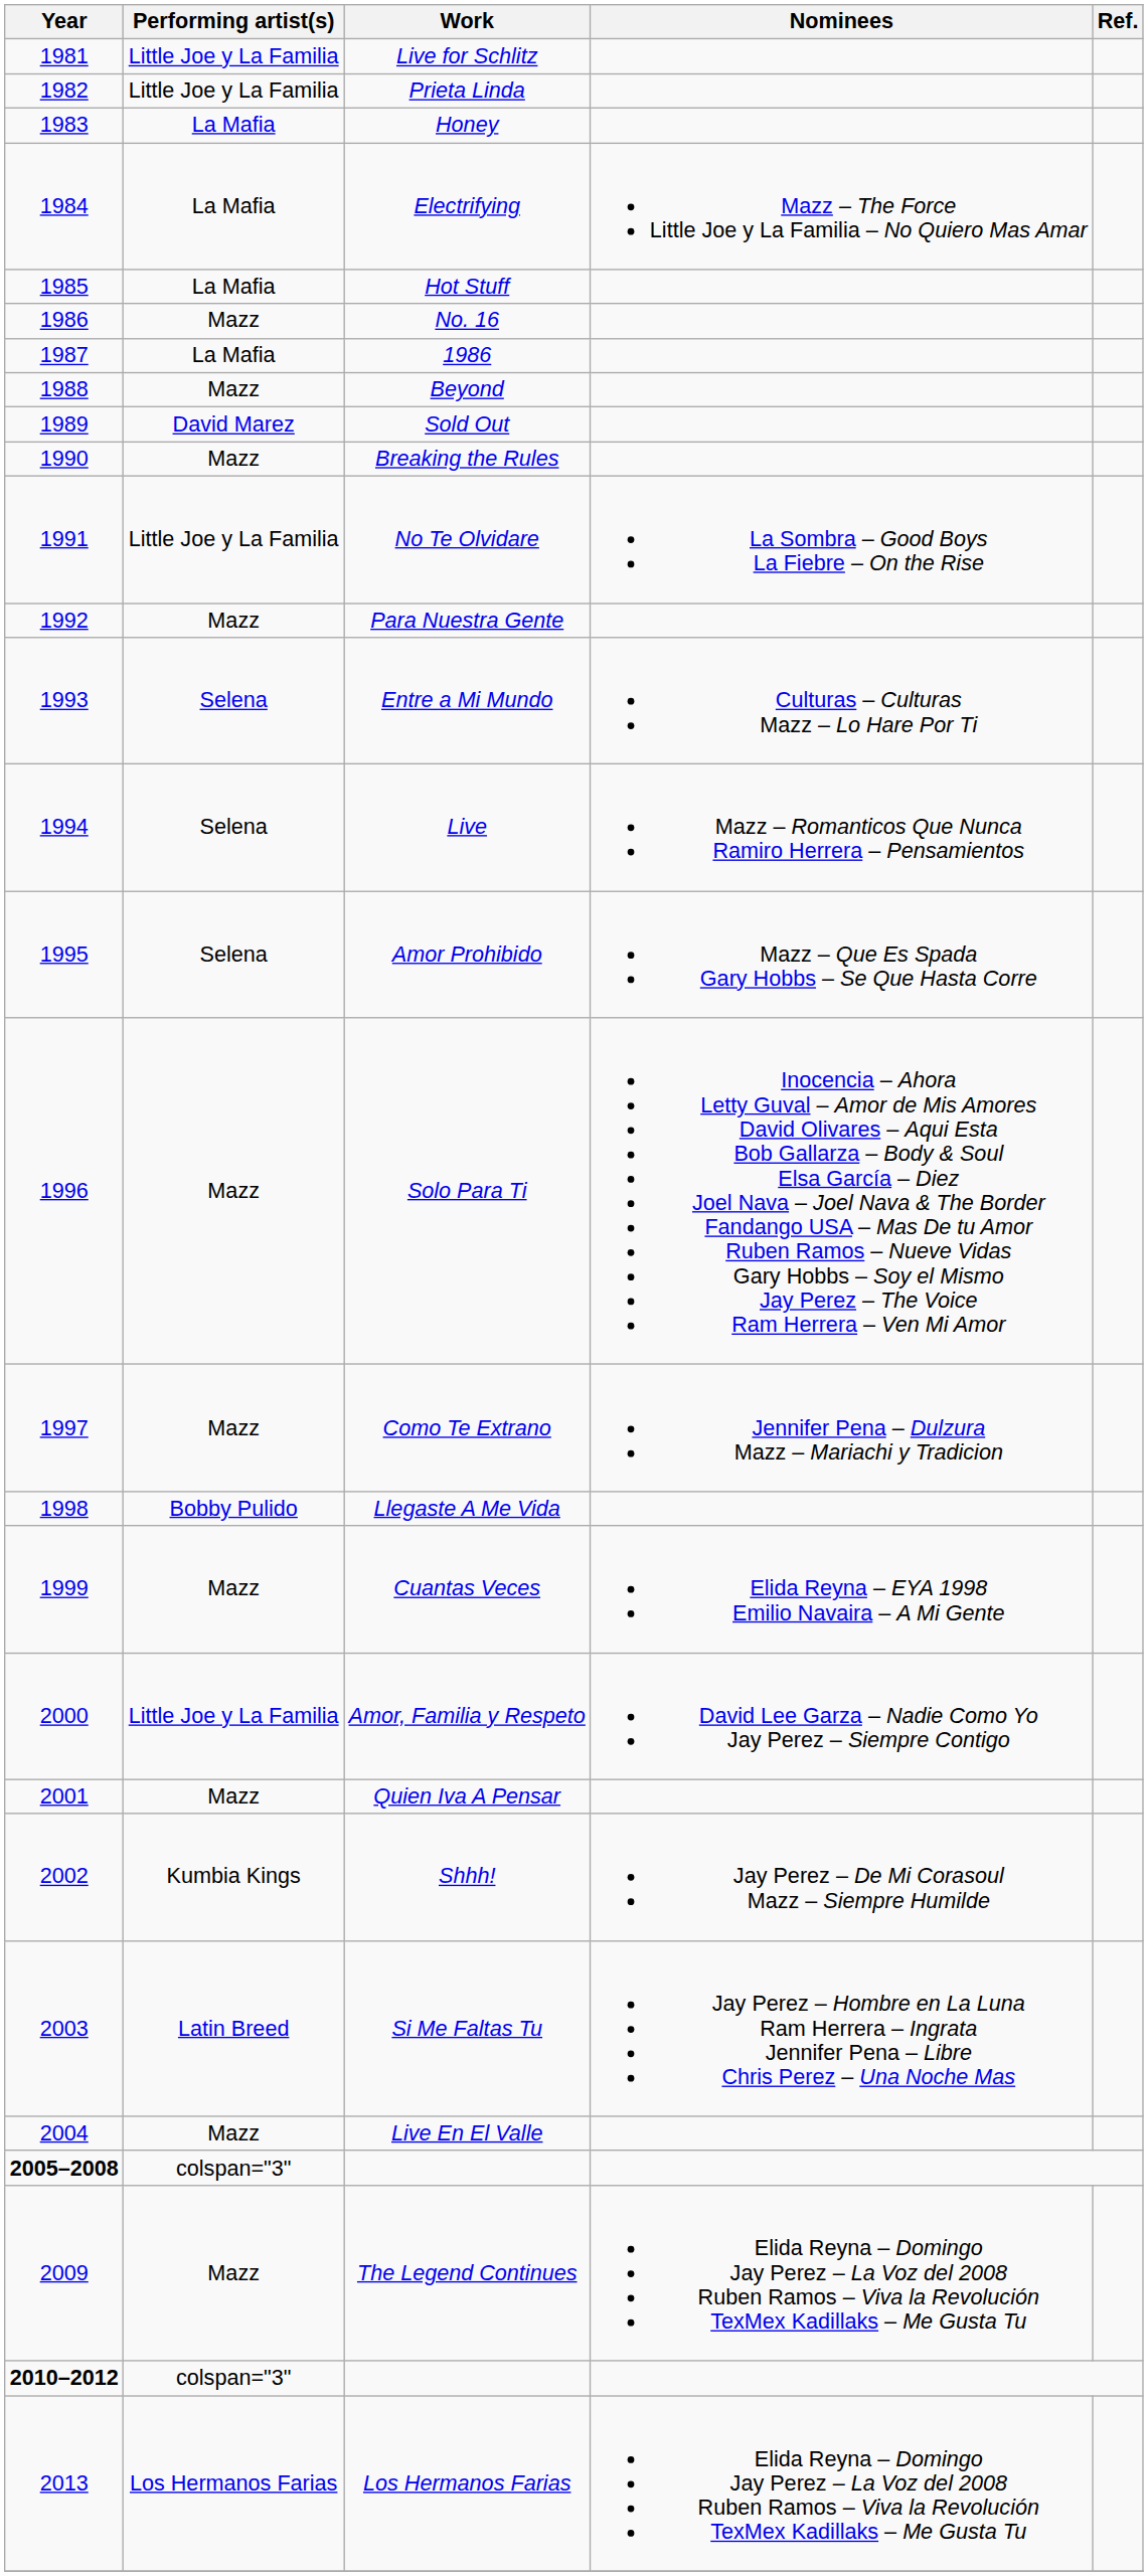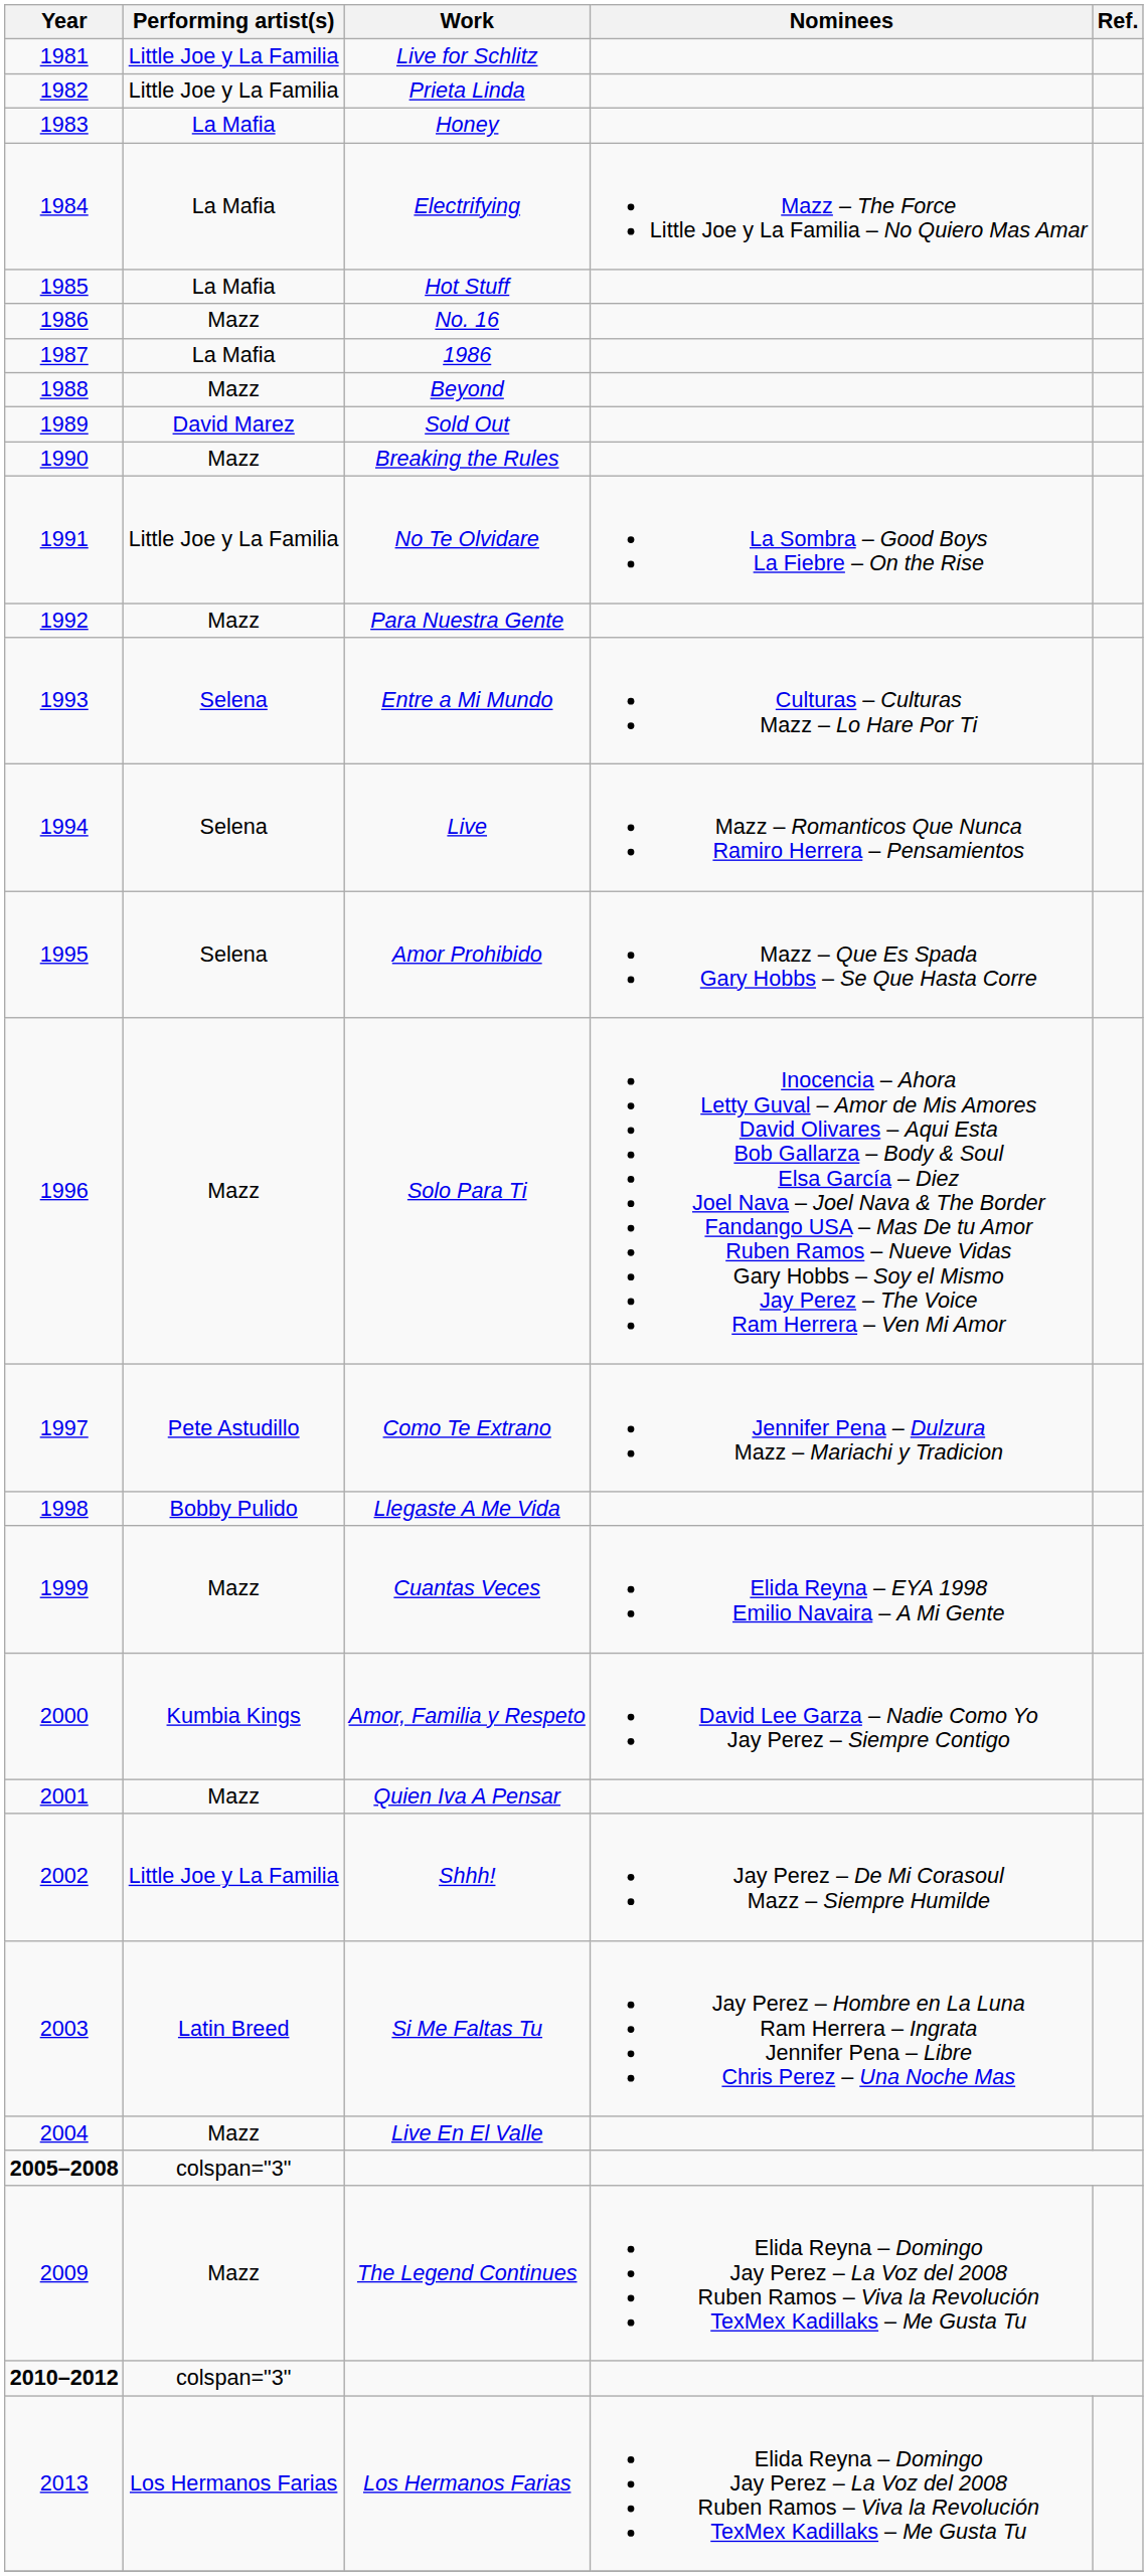 <table class="wikitable sortable" style="text-align: center;">
 <tr>
 <th bgcolor="#efefef">Year</th>
 <th bgcolor="#efefef">Performing artist(s)</th>
 <th bgcolor="#efefef">Work</th>
 <th bgcolor="#efefef" class=unsortable>Nominees</th>
 <th bgcolor="#efefef" class=unsortable>Ref.</th>
 </tr>
 <tr>
 <td><a href='#'>1981</a></td>
 <td><a href='#'>Little Joe y La Familia</a></td>
 <td><em><a href='#'>Live for Schlitz</a></em></td>
 <td></td>
 <td></td>
 </tr>
 <tr>
 <td><a href='#'>1982</a></td>
 <td>Little Joe y La Familia</td>
 <td><em><a href='#'>Prieta Linda</a></em></td>
 <td></td>
 <td></td>
 </tr>
 <tr>
 <td><a href='#'>1983</a></td>
 <td><a href='#'>La Mafia</a></td>
 <td><em><a href='#'>Honey</a></em></td>
 <td></td>
 <td></td>
 </tr>
 <tr>
 <td><a href='#'>1984</a></td>
 <td>La Mafia</td>
 <td><em><a href='#'>Electrifying</a></em></td>
 <td><div><br><ul><li><a href='#'>Mazz</a> – <em>The Force</em></li><li>Little Joe y La Familia – <em>No Quiero Mas Amar</em></li></ul></div></td>
 <td></td>
 </tr>
 <tr>
 <td><a href='#'>1985</a></td>
 <td>La Mafia</td>
 <td><em><a href='#'>Hot Stuff</a></em></td>
 <td></td>
 <td></td>
 </tr>
 <tr>
 <td><a href='#'>1986</a></td>
 <td>Mazz</td>
 <td><em><a href='#'>No. 16</a></em></td>
 <td></td>
 <td></td>
 </tr>
 <tr>
 <td><a href='#'>1987</a></td>
 <td>La Mafia</td>
 <td><em><a href='#'>1986</a></em></td>
 <td></td>
 <td></td>
 </tr>
 <tr>
 <td><a href='#'>1988</a></td>
 <td>Mazz</td>
 <td><em><a href='#'>Beyond</a></em></td>
 <td></td>
 <td></td>
 </tr>
 <tr>
 <td><a href='#'>1989</a></td>
 <td><a href='#'>David Marez</a></td>
 <td><em><a href='#'>Sold Out</a></em></td>
 <td></td>
 <td></td>
 </tr>
 <tr>
 <td><a href='#'>1990</a></td>
 <td>Mazz</td>
 <td><em><a href='#'>Breaking the Rules</a></em></td>
 <td></td>
 <td></td>
 </tr>
 <tr>
 <td><a href='#'>1991</a></td>
 <td>Little Joe y La Familia</td>
 <td><em><a href='#'>No Te Olvidare</a></em></td>
 <td><div><br><ul><li><a href='#'>La Sombra</a> – <em>Good Boys</em></li><li><a href='#'>La Fiebre</a> – <em>On the Rise</em></li></ul></div></td>
 <td></td>
 </tr>
 <tr>
 <td><a href='#'>1992</a></td>
 <td>Mazz</td>
 <td><em><a href='#'>Para Nuestra Gente</a></em></td>
 <td></td>
 <td></td>
 </tr>
 <tr>
 <td><a href='#'>1993</a></td>
 <td><a href='#'>Selena</a></td>
 <td><em><a href='#'>Entre a Mi Mundo</a></em></td>
 <td><div><br><ul><li><a href='#'>Culturas</a> – <em>Culturas</em></li><li>Mazz – <em>Lo Hare Por Ti</em></li></ul></div></td>
 <td></td>
 </tr>
 <tr>
 <td><a href='#'>1994</a></td>
 <td>Selena</td>
 <td><em><a href='#'>Live</a></em></td>
 <td><div><br><ul><li>Mazz – <em>Romanticos Que Nunca</em></li><li><a href='#'>Ramiro Herrera</a> – <em>Pensamientos</em></li></ul></div></td>
 <td></td>
 </tr>
 <tr>
 <td><a href='#'>1995</a></td>
 <td>Selena</td>
 <td><em><a href='#'>Amor Prohibido</a></em></td>
 <td><div><br><ul><li>Mazz – <em>Que Es Spada</em></li><li><a href='#'>Gary Hobbs</a> – <em>Se Que Hasta Corre</em></li></ul></div></td>
 <td></td>
 </tr>
 <tr>
 <td><a href='#'>1996</a></td>
 <td>Mazz</td>
 <td><em><a href='#'>Solo Para Ti</a></em></td>
 <td><div><br><ul><li><a href='#'>Inocencia</a> – <em>Ahora</em></li><li><a href='#'>Letty Guval</a> – <em>Amor de Mis Amores</em></li><li><a href='#'>David Olivares</a> – <em>Aqui Esta</em></li><li><a href='#'>Bob Gallarza</a> – <em>Body & Soul</em></li><li><a href='#'>Elsa García</a> – <em>Diez</em></li><li><a href='#'>Joel Nava</a> – <em>Joel Nava & The Border</em></li><li><a href='#'>Fandango USA</a> – <em>Mas De tu Amor</em></li><li><a href='#'>Ruben Ramos</a> – <em>Nueve Vidas</em></li><li>Gary Hobbs – <em>Soy el Mismo</em></li><li><a href='#'>Jay Perez</a> – <em>The Voice</em></li><li><a href='#'>Ram Herrera</a> – <em>Ven Mi Amor</em></li></ul></div></td>
 <td></td>
 </tr>
 <tr>
 <td><a href='#'>1997</a></td>
-<td>Mazz</td>
+<td><a href='#'>Pete Astudillo</a></td>
 <td><em><a href='#'>Como Te Extrano</a></em></td>
 <td><div><br><ul><li><a href='#'>Jennifer Pena</a> – <em><a href='#'>Dulzura</a></em></li><li>Mazz – <em>Mariachi y Tradicion</em></li></ul></div></td>
 <td></td>
 </tr>
 <tr>
 <td><a href='#'>1998</a></td>
 <td><a href='#'>Bobby Pulido</a></td>
 <td><em><a href='#'>Llegaste A Me Vida</a></em></td>
 <td></td>
 <td></td>
 </tr>
 <tr>
 <td><a href='#'>1999</a></td>
 <td>Mazz</td>
 <td><em><a href='#'>Cuantas Veces</a></em></td>
 <td><div><br><ul><li><a href='#'>Elida Reyna</a> – <em>EYA 1998</em></li><li><a href='#'>Emilio Navaira</a> – <em>A Mi Gente</em></li></ul></div></td>
 <td></td>
 </tr>
 <tr>
 <td><a href='#'>2000</a></td>
-<td><a href='#'>Little Joe y La Familia</a></td>
+<td><a href='#'>Kumbia Kings</a></td>
 <td><em><a href='#'>Amor, Familia y Respeto</a></em></td>
 <td><div><br><ul><li><a href='#'>David Lee Garza</a> – <em>Nadie Como Yo</em></li><li>Jay Perez – <em>Siempre Contigo</em></li></ul></div></td>
 <td></td>
 </tr>
 <tr>
 <td><a href='#'>2001</a></td>
 <td>Mazz</td>
 <td><em><a href='#'>Quien Iva A Pensar</a></em></td>
 <td></td>
 <td></td>
 </tr>
 <tr>
 <td><a href='#'>2002</a></td>
-<td>Kumbia Kings</td>
+<td><a href='#'>Little Joe y La Familia</a></td>
 <td><em><a href='#'>Shhh!</a></em></td>
 <td><div><br><ul><li>Jay Perez – <em>De Mi Corasoul</em></li><li>Mazz – <em>Siempre Humilde</em></li></ul></div></td>
 <td></td>
 </tr>
 <tr>
 <td><a href='#'>2003</a></td>
 <td><a href='#'>Latin Breed</a></td>
 <td><em><a href='#'>Si Me Faltas Tu</a></em></td>
 <td><div><br><ul><li>Jay Perez – <em>Hombre en La Luna</em></li><li>Ram Herrera – <em>Ingrata</em></li><li>Jennifer Pena – <em>Libre</em></li><li><a href='#'>Chris Perez</a> – <em><a href='#'>Una Noche Mas</a></em></li></ul></div></td>
 <td></td>
 </tr>
 <tr>
 <td><a href='#'>2004</a></td>
 <td>Mazz</td>
 <td><em><a href='#'>Live En El Valle</a></em></td>
 <td></td>
 <td></td>
 </tr>
 <tr>
 <td><strong>2005–2008</strong></td>
 <td>colspan="3" </td>
 <td></td>
 </tr>
 <tr>
 <td><a href='#'>2009</a></td>
 <td>Mazz</td>
 <td><em><a href='#'>The Legend Continues</a></em></td>
 <td><div><br><ul><li>Elida Reyna – <em>Domingo</em></li><li>Jay Perez – <em>La Voz del 2008</em></li><li>Ruben Ramos – <em>Viva la Revolución</em></li><li><a href='#'>TexMex Kadillaks</a> – <em>Me Gusta Tu</em></li></ul></div></td>
 <td></td>
 </tr>
 <tr>
 <td><strong>2010–2012</strong></td>
 <td>colspan="3" </td>
 <td></td>
 </tr>
 <tr>
 <td><a href='#'>2013</a></td>
 <td><a href='#'>Los Hermanos Farias</a></td>
 <td><em><a href='#'>Los Hermanos Farias</a></em></td>
 <td><div><br><ul><li>Elida Reyna – <em>Domingo</em></li><li>Jay Perez – <em>La Voz del 2008</em></li><li>Ruben Ramos – <em>Viva la Revolución</em></li><li><a href='#'>TexMex Kadillaks</a> – <em>Me Gusta Tu</em></li></ul></div></td>
 <td></td>
 </tr>
 <tr>
 </tr>
 </table>
